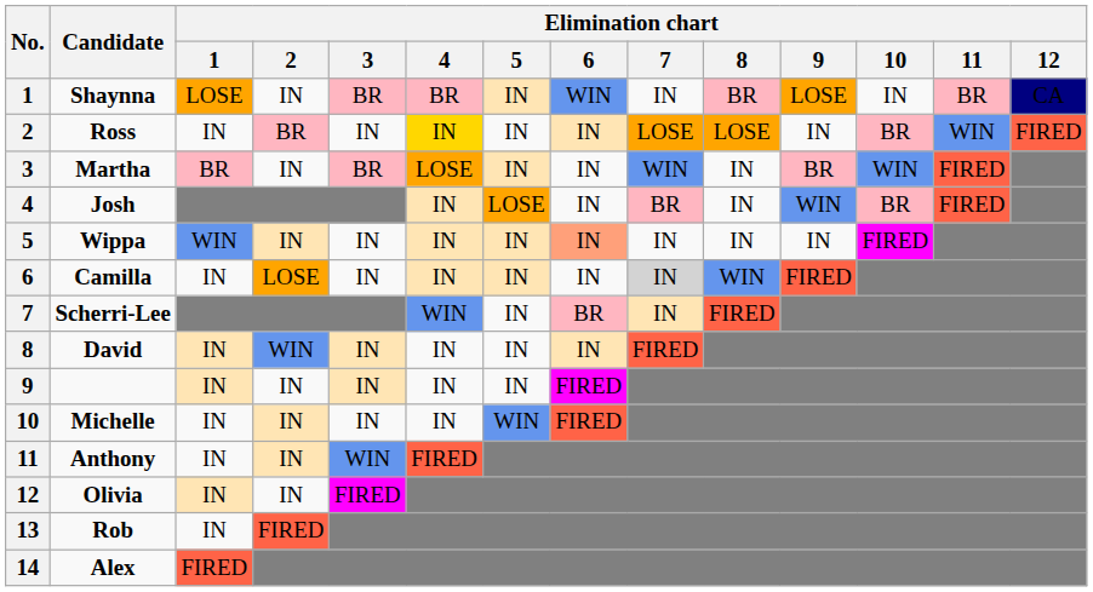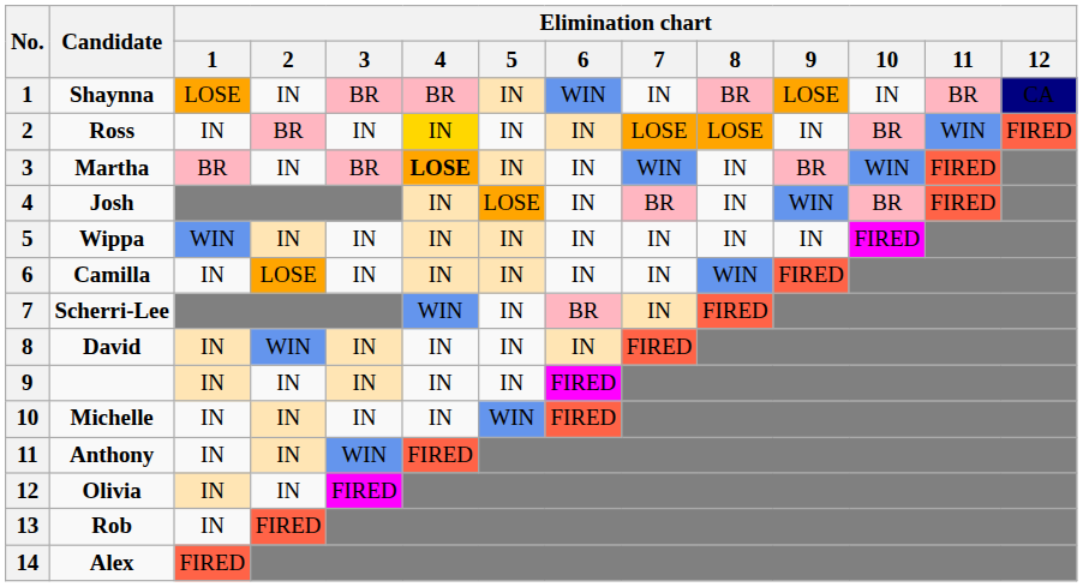 <table class="wikitable" style="text-align:center;">
 <tr>
 <th rowspan="2">No.</th>
 <th rowspan="2">Candidate</th>
 <th colspan="12">Elimination chart</th>
 </tr>
 <tr>
 <th>1</th>
 <th>2</th>
 <th>3</th>
 <th>4</th>
 <th>5</th>
 <th>6</th>
 <th>7</th>
 <th>8</th>
 <th>9</th>
 <th>10</th>
 <th>11</th>
 <th>12</th>
 </tr>
 <tr>
 <th>1</th>
 <td><strong>Shaynna </strong></td>
 <td style="background:orange;">LOSE</td>
 <td>IN</td>
 <td style="background:lightpink;">BR</td>
 <td style="background:lightpink;">BR</td>
 <td style="background:#FFE5B4;">IN</td>
 <td style="background:cornflowerblue;">WIN</td>
 <td>IN</td>
 <td style="background:lightpink;">BR</td>
 <td style="background:orange;">LOSE</td>
 <td>IN</td>
 <td style="background:lightpink;">BR</td>
 <td bgcolor="navy"><span> CA </span></td>
 </tr>
 <tr>
 <th>2</th>
 <td><strong>Ross</strong></td>
 <td>IN</td>
 <td style="background:lightpink;">BR</td>
 <td>IN</td>
 <td style="background: gold;">IN</td>
 <td>IN</td>
 <td style="background:#FFE5B4;">IN</td>
 <td style="background:orange;">LOSE</td>
 <td style="background:orange;">LOSE</td>
 <td>IN</td>
 <td style="background:lightpink;">BR</td>
 <td style="background:cornflowerblue;">WIN</td>
 <td style="background:tomato;">FIRED</td>
 </tr>
 <tr>
 <th>3</th>
 <td><strong> Martha </strong></td>
 <td style="background:lightpink;">BR</td>
 <td>IN</td>
 <td style="background:lightpink;">BR</td>
-<td style="background:orange;">LOSE</td>
+<td style="background:orange;"><strong>LOSE</strong></td>
 <td style="background:#FFE5B4;">IN</td>
 <td>IN</td>
 <td style="background:cornflowerblue;">WIN</td>
 <td>IN</td>
 <td style="background:lightpink;">BR</td>
 <td style="background:cornflowerblue;">WIN</td>
 <td style="background:tomato;">FIRED</td>
 <td colspan="3" style="background:gray;"></td>
 </tr>
 <tr>
 <th>4</th>
 <td><strong> Josh </strong></td>
 <td colspan="3"style="background:gray;"></td>
 <td style="background:#FFE5B4;">IN</td>
 <td style="background:orange;">LOSE</td>
 <td>IN</td>
 <td style="background:lightpink;">BR</td>
 <td>IN</td>
 <td style="background:cornflowerblue;">WIN</td>
 <td style="background:lightpink;">BR</td>
 <td style="background:tomato;">FIRED</td>
 <td style="background:gray;"></td>
 </tr>
 <tr>
 <th>5</th>
 <td><strong> Wippa </strong></td>
 <td style="background:cornflowerblue;">WIN</td>
 <td style="background:#FFE5B4;">IN</td>
 <td>IN</td>
 <td style="background:#FFE5B4;">IN</td>
 <td style="background:#FFE5B4;">IN</td>
-<td style="background: lightsalmon;">IN</td>
+<td>IN</td>
 <td>IN</td>
 <td>IN</td>
 <td>IN</td>
 <td style="background:magenta;">FIRED</td>
 <td colspan="2" style="background:gray;"></td>
 </tr>
 <tr>
 <th>6</th>
 <td><strong> Camilla </strong></td>
 <td>IN</td>
 <td style="background:orange;">LOSE</td>
 <td>IN</td>
 <td style="background:#FFE5B4;">IN</td>
 <td style="background:#FFE5B4;">IN</td>
 <td>IN</td>
-<td style="background: lightgrey;">IN</td>
+<td>IN</td>
 <td style="background:cornflowerblue;">WIN</td>
 <td style="background:tomato;">FIRED</td>
 <td colspan="3" style="background:gray;"></td>
 </tr>
 <tr>
 <th>7</th>
 <td><strong>Scherri-Lee</strong></td>
 <td colspan="3"style="background:gray;"></td>
 <td style="background:cornflowerblue;">WIN</td>
 <td>IN</td>
 <td style="background:lightpink;">BR</td>
 <td style="background:#FFE5B4;">IN</td>
 <td style="background:tomato;">FIRED</td>
 <td colspan="4" style="background:gray;"></td>
 </tr>
 <tr>
 <th>8</th>
 <td><strong> David </strong></td>
 <td style="background:#FFE5B4;">IN</td>
 <td style="background:cornflowerblue;">WIN</td>
 <td style="background:#FFE5B4;">IN</td>
 <td>IN</td>
 <td>IN</td>
 <td style="background:#FFE5B4;">IN</td>
 <td style="background:tomato;">FIRED</td>
 <td colspan="5" style="background:gray;"></td>
 </tr>
 <tr>
 <th>9</th>
 <td><strong> </strong></td>
 <td style="background:#FFE5B4;">IN</td>
 <td>IN</td>
 <td style="background:#FFE5B4;">IN</td>
 <td>IN</td>
 <td>IN</td>
 <td style="background:magenta;">FIRED</td>
 <td colspan="6" style="background:gray;"></td>
 </tr>
 <tr>
 <th>10</th>
 <td><strong>Michelle </strong></td>
 <td>IN</td>
 <td style="background:#FFE5B4;">IN</td>
 <td>IN</td>
 <td>IN</td>
 <td style="background:cornflowerblue;">WIN</td>
 <td style="background:tomato;">FIRED</td>
 <td colspan="6" style="background:gray;"></td>
 </tr>
 <tr>
 <th>11</th>
 <td><strong> Anthony </strong></td>
 <td>IN</td>
 <td style="background:#FFE5B4;">IN</td>
 <td style="background:cornflowerblue;">WIN</td>
 <td style="background:tomato;">FIRED</td>
 <td colspan=8 style="background:gray;"></td>
 </tr>
 <tr>
 <th>12</th>
 <td><strong>Olivia</strong></td>
 <td style="background:#FFE5B4;">IN</td>
 <td>IN</td>
 <td style="background:magenta;">FIRED</td>
 <td colspan=9 style="background:gray;"></td>
 </tr>
 <tr>
 <th>13</th>
 <td><strong>Rob</strong></td>
 <td>IN</td>
 <td style="background:tomato;">FIRED</td>
 <td colspan="10" style="background:gray;"></td>
 </tr>
 <tr>
 <th>14</th>
 <td><strong> Alex </strong></td>
 <td style="background:tomato;">FIRED</td>
 <td colspan="11" style="background:gray;"></td>
 </tr>
 </table>
